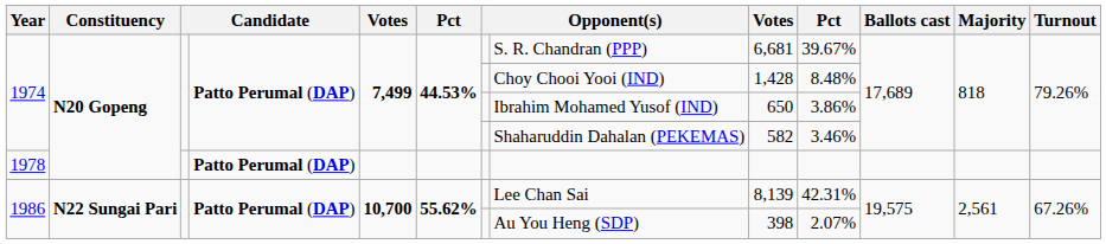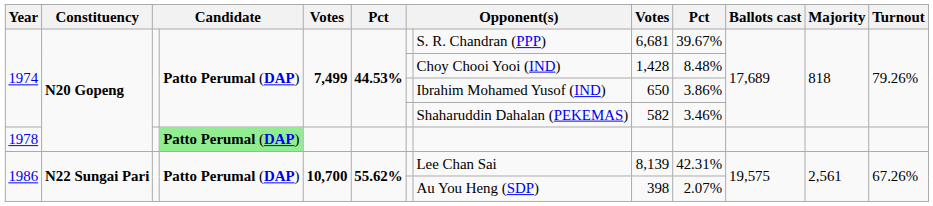 <table class="wikitable" style="margin:0.5em ; font-size:95%">
 <tr>
 <th>Year</th>
 <th>Constituency</th>
 <th colspan=2>Candidate</th>
 <th>Votes</th>
 <th>Pct</th>
 <th colspan=2>Opponent(s)</th>
 <th>Votes</th>
 <th>Pct</th>
 <th>Ballots cast</th>
 <th>Majority</th>
 <th>Turnout</th>
 </tr>
 <tr>
 <td rowspan=4><a href='#'>1974</a></td>
 <td rowspan=5><strong>N20 Gopeng</strong></td>
 <td rowspan=4 ></td>
 <td rowspan=4><strong>Patto Perumal</strong> (<a href='#'><strong>DAP</strong></a>)</td>
 <td rowspan=4 align=right><strong>7,499</strong></td>
 <td rowspan=4><strong>44.53%</strong></td>
 <td></td>
 <td>S. R. Chandran (<a href='#'>PPP</a>)</td>
 <td align=right>6,681</td>
 <td>39.67%</td>
 <td rowspan=4>17,689</td>
 <td rowspan=4>818</td>
 <td rowspan=4>79.26%</td>
 </tr>
 <tr>
 <td></td>
 <td>Choy Chooi Yooi (<a href='#'>IND</a>)</td>
 <td align=right>1,428</td>
 <td align=right>8.48%</td>
 </tr>
 <tr>
 <td></td>
 <td>Ibrahim Mohamed Yusof (<a href='#'>IND</a>)</td>
 <td align=right>650</td>
 <td align=right>3.86%</td>
 </tr>
 <tr>
 <td></td>
 <td>Shaharuddin Dahalan (<a href='#'>PEKEMAS</a>)</td>
 <td align=right>582</td>
 <td align=right>3.46%</td>
 </tr>
 <tr>
 <td><a href='#'>1978</a></td>
 <td></td>
-<td><strong>Patto Perumal</strong> (<a href='#'><strong>DAP</strong></a>)</td>
+<td style="background: lightgreen;"><strong>Patto Perumal</strong> (<a href='#'><strong>DAP</strong></a>)</td>
 <td align=right></td>
 <td></td>
 <td></td>
 <td></td>
 <td></td>
 <td></td>
 <td></td>
 <td></td>
 <td></td>
 </tr>
 <tr>
 <td rowspan=2><a href='#'>1986</a></td>
 <td rowspan=2><strong>N22 Sungai Pari</strong></td>
 <td rowspan=2 ></td>
 <td rowspan=2><strong>Patto Perumal</strong> (<a href='#'><strong>DAP</strong></a>)</td>
 <td rowspan=2 align=right><strong>10,700</strong></td>
 <td rowspan=2><strong>55.62%</strong></td>
 <td></td>
 <td>Lee Chan Sai</td>
 <td align=right>8,139</td>
 <td>42.31%</td>
 <td rowspan=2>19,575</td>
 <td rowspan=2>2,561</td>
 <td rowspan=2>67.26%</td>
 </tr>
 <tr>
 <td bgcolor=></td>
 <td>Au You Heng (<a href='#'>SDP</a>)</td>
 <td align=right>398</td>
 <td align=right>2.07%</td>
 </tr>
 </table>
